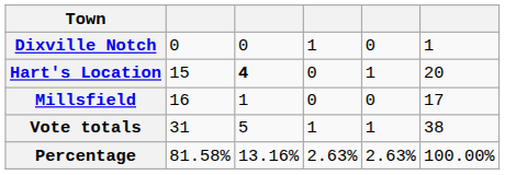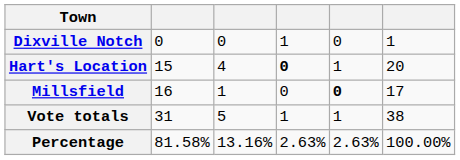 <table class="wikitable sortable" style=margin:auto;margin:auto>
 <tr valign=bottom>
 <th>Town</th>
 <th></th>
 <th></th>
 <th></th>
 <th></th>
 <th></th>
 </tr>
 <tr>
 <th><a href='#'>Dixville Notch</a></th>
 <td>0</td>
 <td>0</td>
 <td>1</td>
 <td>0</td>
 <td>1</td>
 </tr>
 <tr>
 <th><a href='#'>Hart's Location</a></th>
 <td>15</td>
-<td><strong>4</strong></td>
-<td>0</td>
+<td>4</td>
+<td><strong>0</strong></td>
 <td>1</td>
 <td>20</td>
 </tr>
 <tr>
 <th><a href='#'>Millsfield</a></th>
 <td>16</td>
 <td>1</td>
 <td>0</td>
-<td>0</td>
+<td><strong>0</strong></td>
 <td>17</td>
 </tr>
 <tr>
 <th>Vote totals</th>
 <td>31</td>
 <td>5</td>
 <td>1</td>
 <td>1</td>
 <td>38</td>
 </tr>
 <tr>
 <th>Percentage</th>
 <td>81.58%</td>
 <td>13.16%</td>
 <td>2.63%</td>
 <td>2.63%</td>
 <td>100.00%</td>
 </tr>
 </table>
